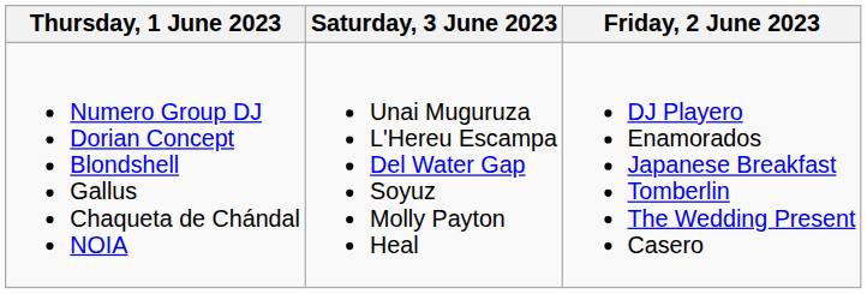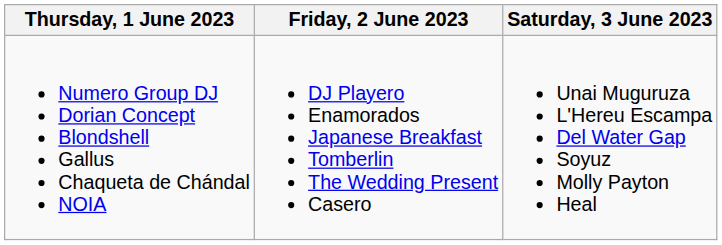 <table class="wikitable">
 <tr>
 <th>Thursday, 1 June 2023</th>
+<th>Friday, 2 June 2023</th>
 <th>Saturday, 3 June 2023</th>
-<th>Friday, 2 June 2023</th>
 </tr>
 <tr valign="top">
 <td><br><ul><li><a href='#'>Numero Group DJ</a></li><li><a href='#'>Dorian Concept</a></li><li><a href='#'>Blondshell</a></li><li>Gallus</li><li>Chaqueta de Chándal</li><li><a href='#'>NOIA️️</a></li></ul></td>
+<td><br><ul><li><a href='#'>DJ Playero</a></li><li>Enamorados</li><li><a href='#'>Japanese Breakfast</a></li><li><a href='#'>Tomberlin</a></li><li><a href='#'>The Wedding Present</a></li><li>Casero</li></ul></td>
 <td><br><ul><li>Unai Muguruza</li><li>L'Hereu Escampa</li><li><a href='#'>Del Water Gap</a></li><li>Soyuz</li><li>Molly Payton</li><li>Heal</li></ul></td>
-<td><br><ul><li><a href='#'>DJ Playero</a></li><li>Enamorados</li><li><a href='#'>Japanese Breakfast</a></li><li><a href='#'>Tomberlin</a></li><li><a href='#'>The Wedding Present</a></li><li>Casero</li></ul></td>
 </tr>
 </table>
